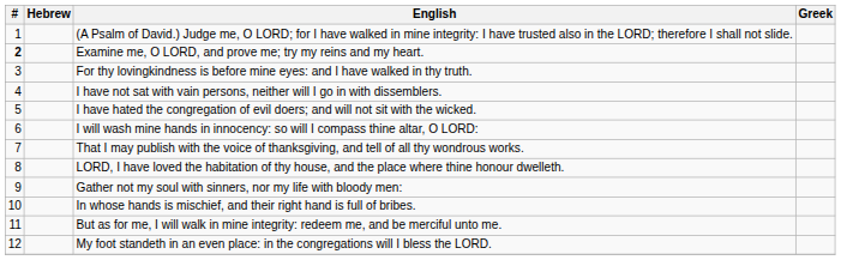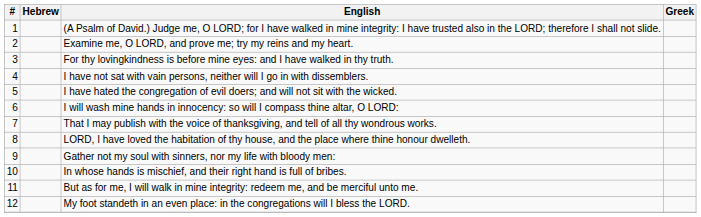 <table class=wikitable>
 <tr>
 <th>#</th>
 <th>Hebrew</th>
 <th>English</th>
 <th>Greek</th>
 </tr>
 <tr>
 <td style="text-align:right">1</td>
 <td style="text-align:right"></td>
 <td>(A Psalm of David.) Judge me, O LORD; for I have walked in mine integrity: I have trusted also in the LORD; therefore I shall not slide.</td>
 <td></td>
 </tr>
 <tr>
-<td style="text-align:right"><strong>2</strong></td>
+<td style="text-align:right">2</td>
 <td style="text-align:right"></td>
 <td>Examine me, O LORD, and prove me; try my reins and my heart.</td>
 <td></td>
 </tr>
 <tr>
 <td style="text-align:right">3</td>
 <td style="text-align:right"></td>
 <td>For thy lovingkindness is before mine eyes: and I have walked in thy truth.</td>
 <td></td>
 </tr>
 <tr>
 <td style="text-align:right">4</td>
 <td style="text-align:right"></td>
 <td>I have not sat with vain persons, neither will I go in with dissemblers.</td>
 <td></td>
 </tr>
 <tr>
 <td style="text-align:right">5</td>
 <td style="text-align:right"></td>
 <td>I have hated the congregation of evil doers; and will not sit with the wicked.</td>
 <td></td>
 </tr>
 <tr>
 <td style="text-align:right">6</td>
 <td style="text-align:right"></td>
 <td>I will wash mine hands in innocency: so will I compass thine altar, O LORD:</td>
 <td></td>
 </tr>
 <tr>
 <td style="text-align:right">7</td>
 <td style="text-align:right"></td>
 <td>That I may publish with the voice of thanksgiving, and tell of all thy wondrous works.</td>
 <td></td>
 </tr>
 <tr>
 <td style="text-align:right">8</td>
 <td style="text-align:right"></td>
 <td>LORD, I have loved the habitation of thy house, and the place where thine honour dwelleth.</td>
 <td></td>
 </tr>
 <tr>
 <td style="text-align:right">9</td>
 <td style="text-align:right"></td>
 <td>Gather not my soul with sinners, nor my life with bloody men:</td>
 <td></td>
 </tr>
 <tr>
 <td style="text-align:right">10</td>
 <td style="text-align:right"></td>
 <td>In whose hands is mischief, and their right hand is full of bribes.</td>
 <td></td>
 </tr>
 <tr>
 <td style="text-align:right">11</td>
 <td style="text-align:right"></td>
 <td>But as for me, I will walk in mine integrity: redeem me, and be merciful unto me.</td>
 <td></td>
 </tr>
 <tr>
 <td style="text-align:right">12</td>
 <td style="text-align:right"></td>
 <td>My foot standeth in an even place: in the congregations will I bless the LORD.</td>
 <td></td>
 </tr>
 <tr>
 </tr>
 </table>
